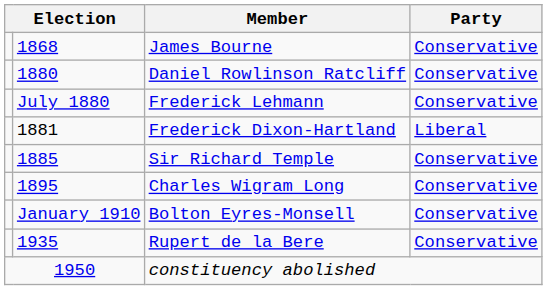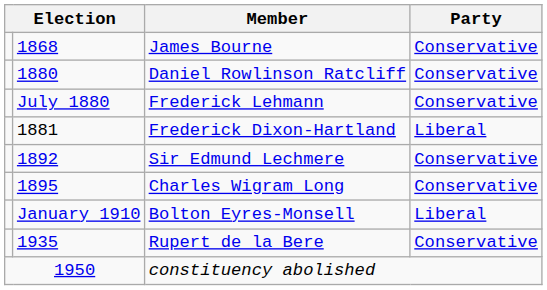 <table class="wikitable">
 <tr>
 <th colspan="2">Election</th>
 <th>Member</th>
 <th>Party</th>
 </tr>
 <tr>
 <td style="color:inherit;background-color: "></td>
 <td><a href='#'>1868</a></td>
 <td><a href='#'>James Bourne</a></td>
 <td><a href='#'>Conservative</a></td>
 </tr>
 <tr>
 <td style="color:inherit;background-color: "></td>
 <td><a href='#'>1880</a></td>
 <td><a href='#'>Daniel Rowlinson Ratcliff</a></td>
 <td><a href='#'>Conservative</a></td>
 </tr>
 <tr>
 <td style="color:inherit;background-color: "></td>
 <td><a href='#'>July 1880</a></td>
 <td><a href='#'>Frederick Lehmann</a></td>
 <td><a href='#'>Conservative</a></td>
 </tr>
 <tr>
 <td style="color:inherit;background-color: "></td>
 <td>1881</td>
 <td><a href='#'>Frederick Dixon-Hartland</a></td>
 <td><a href='#'>Liberal</a></td>
 </tr>
 <tr>
 <td style="color:inherit;background-color: "></td>
-<td><a href='#'>1885</a></td>
-<td><a href='#'>Sir Richard Temple</a></td>
+<td><a href='#'>1892</a></td>
+<td><a href='#'>Sir Edmund Lechmere</a></td>
 <td><a href='#'>Conservative</a></td>
 </tr>
 <tr>
 <td style="color:inherit;background-color: "></td>
 <td><a href='#'>1895</a></td>
 <td><a href='#'>Charles Wigram Long</a></td>
 <td><a href='#'>Conservative</a></td>
 </tr>
 <tr>
 <td style="color:inherit;background-color: "></td>
 <td><a href='#'>January 1910</a></td>
 <td><a href='#'>Bolton Eyres-Monsell</a></td>
-<td><a href='#'>Conservative</a></td>
+<td><a href='#'>Liberal</a></td>
 </tr>
 <tr>
 <td style="color:inherit;background-color: "></td>
 <td><a href='#'>1935</a></td>
 <td><a href='#'>Rupert de la Bere</a></td>
 <td><a href='#'>Conservative</a></td>
 </tr>
 <tr>
 <td colspan="2" align="center"><a href='#'>1950</a></td>
 <td colspan="2"><em>constituency abolished</em></td>
 </tr>
 </table>
